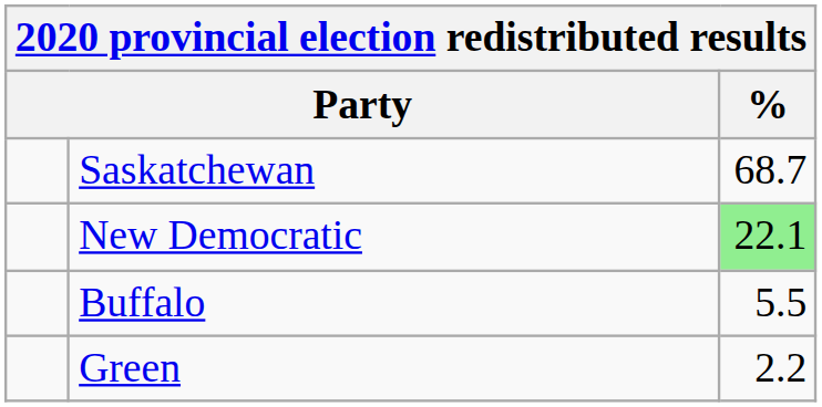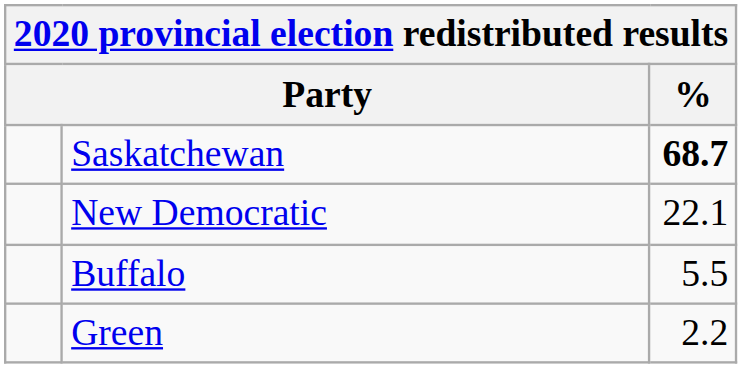 <table class="wikitable">
 <tr>
 <th colspan="4"><a href='#'>2020 provincial election</a> redistributed results</th>
 </tr>
 <tr>
 <th bgcolor="#DDDDFF" width="130px" colspan="2">Party</th>
 <th bgcolor="#DDDDFF" width="30px">%</th>
 </tr>
 <tr>
 <td> </td>
 <td><a href='#'>Saskatchewan</a></td>
-<td align=right>68.7</td>
+<td align=right><strong>68.7</strong></td>
 </tr>
 <tr>
 <td> </td>
 <td><a href='#'>New Democratic</a></td>
-<td align=right style="background: lightgreen;">22.1</td>
+<td align=right>22.1</td>
 </tr>
 <tr>
 <td> </td>
 <td><a href='#'>Buffalo</a></td>
 <td align=right>5.5</td>
 </tr>
 <tr>
 <td> </td>
 <td><a href='#'>Green</a></td>
 <td align=right>2.2</td>
 </tr>
 </table>
